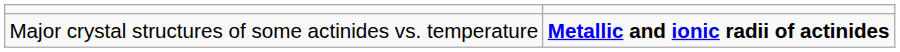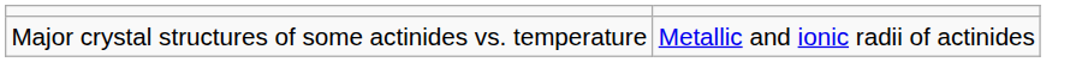 <table class="wikitable" style ="text-align: center">
 <tr>
 <td></td>
 <td></td>
 </tr>
 <tr>
 <td>Major crystal structures of some actinides vs. temperature</td>
-<td><strong><a href='#'>Metallic</a> and <a href='#'>ionic</a> radii of actinides</strong></td>
+<td><a href='#'>Metallic</a> and <a href='#'>ionic</a> radii of actinides</td>
 </tr>
 </table>
